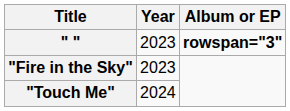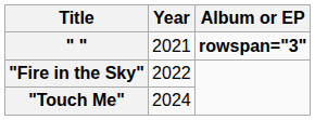 <table class="wikitable plainrowheaders" style="text-align:center;">
 <tr>
 <th scope="col">Title</th>
 <th scope="col">Year</th>
 <th scope="col">Album or EP</th>
 </tr>
 <tr>
 <th scope="row">" "<br></th>
-<td>2023</td>
+<td>2021</td>
 <td><strong>rowspan="3" </strong></td>
 </tr>
 <tr>
 <th scope="row">"Fire in the Sky"<br></th>
-<td>2023</td>
+<td>2022</td>
 </tr>
 <tr>
 <th scope="row">"Touch Me"<br></th>
 <td>2024</td>
 </tr>
 </table>
